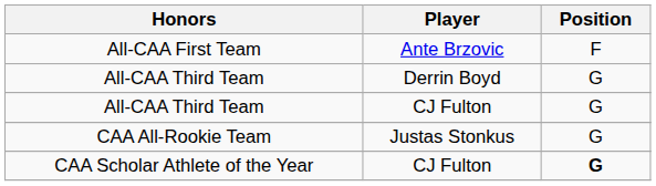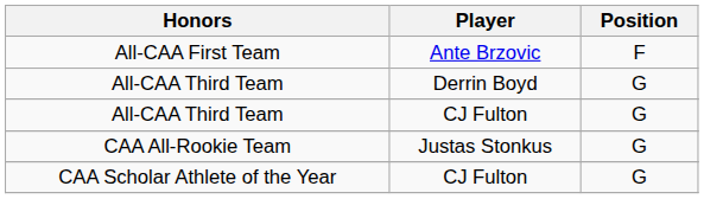 <table class="wikitable" style="width: 90%;text-align: center;">
 <tr>
 <th style=>Honors</th>
 <th style=>Player</th>
 <th style=>Position</th>
 </tr>
 <tr align="center">
 <td rowspan="1">All-CAA First Team</td>
 <td><a href='#'>Ante Brzovic</a></td>
 <td>F</td>
 </tr>
 <tr align="center">
 <td rowspan="1">All-CAA Third Team</td>
 <td>Derrin Boyd</td>
 <td>G</td>
 </tr>
 <tr>
 </tr>
 <tr align="center">
 <td rowspan="1">All-CAA Third Team</td>
 <td>CJ Fulton</td>
 <td>G</td>
 </tr>
 <tr>
 </tr>
 <tr align="center">
 <td rowspan="1">CAA All-Rookie Team</td>
 <td>Justas Stonkus</td>
 <td>G</td>
 </tr>
 <tr>
 </tr>
 <tr align="center">
 <td rowspan="1">CAA Scholar Athlete of the Year</td>
 <td>CJ Fulton</td>
-<td><strong>G</strong></td>
+<td>G</td>
 </tr>
 <tr>
 </tr>
 </table>
